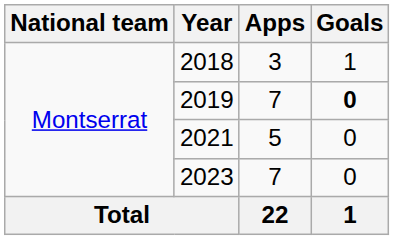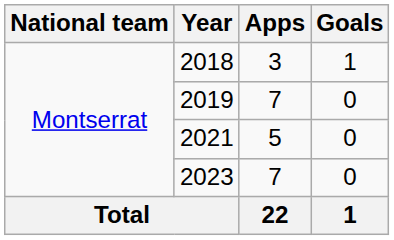 <table class="wikitable" style="text-align:center">
 <tr>
 <th>National team</th>
 <th>Year</th>
 <th>Apps</th>
 <th>Goals</th>
 </tr>
 <tr>
 <td rowspan="4"><a href='#'>Montserrat</a></td>
 <td>2018</td>
 <td>3</td>
 <td>1</td>
 </tr>
 <tr>
 <td>2019</td>
 <td>7</td>
-<td><strong>0</strong></td>
+<td>0</td>
 </tr>
 <tr>
 <td>2021</td>
 <td>5</td>
 <td>0</td>
 </tr>
 <tr>
 <td>2023</td>
 <td>7</td>
 <td>0</td>
 </tr>
 <tr>
 <th colspan="2">Total</th>
 <th>22</th>
 <th>1</th>
 </tr>
 </table>
